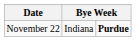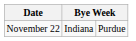 <table class="wikitable" style="font-size:95%;">
 <tr>
 <th>Date</th>
 <th colspan="2">Bye Week</th>
 </tr>
 <tr>
 <td>November 22</td>
 <td>Indiana</td>
-<td><strong>Purdue</strong></td>
+<td>Purdue</td>
 </tr>
 </table>
